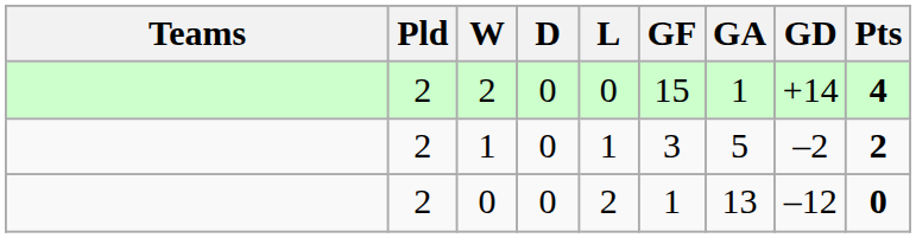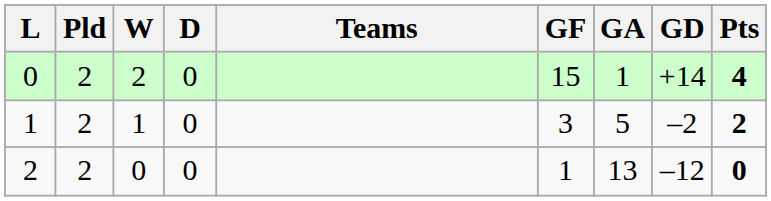 <table class="wikitable" style="text-align: center;">
 <tr>
-<th width=165>Teams</th>
+<th width=20>L</th>
 <th width=20>Pld</th>
 <th width=20>W</th>
 <th width=20>D</th>
-<th width=20>L</th>
+<th width=165>Teams</th>
 <th width=20>GF</th>
 <th width=20>GA</th>
 <th width=20>GD</th>
 <th width=20>Pts</th>
 </tr>
 <tr align=center style="background:#ccffcc;">
-<td style="text-align:left;"></td>
+<td>0</td>
 <td>2</td>
 <td>2</td>
 <td>0</td>
-<td>0</td>
+<td style="text-align:left;"></td>
 <td>15</td>
 <td>1</td>
 <td>+14</td>
 <td><strong>4</strong></td>
 </tr>
 <tr align=center>
-<td style="text-align:left;"></td>
+<td>1</td>
 <td>2</td>
 <td>1</td>
 <td>0</td>
-<td>1</td>
+<td style="text-align:left;"></td>
 <td>3</td>
 <td>5</td>
 <td>–2</td>
 <td><strong>2</strong></td>
 </tr>
 <tr align=center>
-<td style="text-align:left;"></td>
+<td>2</td>
 <td>2</td>
 <td>0</td>
 <td>0</td>
-<td>2</td>
+<td style="text-align:left;"></td>
 <td>1</td>
 <td>13</td>
 <td>–12</td>
 <td><strong>0</strong></td>
 </tr>
 </table>
